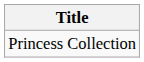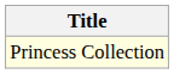 <table class="wikitable">
 <tr>
 <th>Title</th>
 </tr>
 <tr>
-<td>Princess Collection</td>
+<td style="background: lightyellow;">Princess Collection</td>
 </tr>
 </table>
